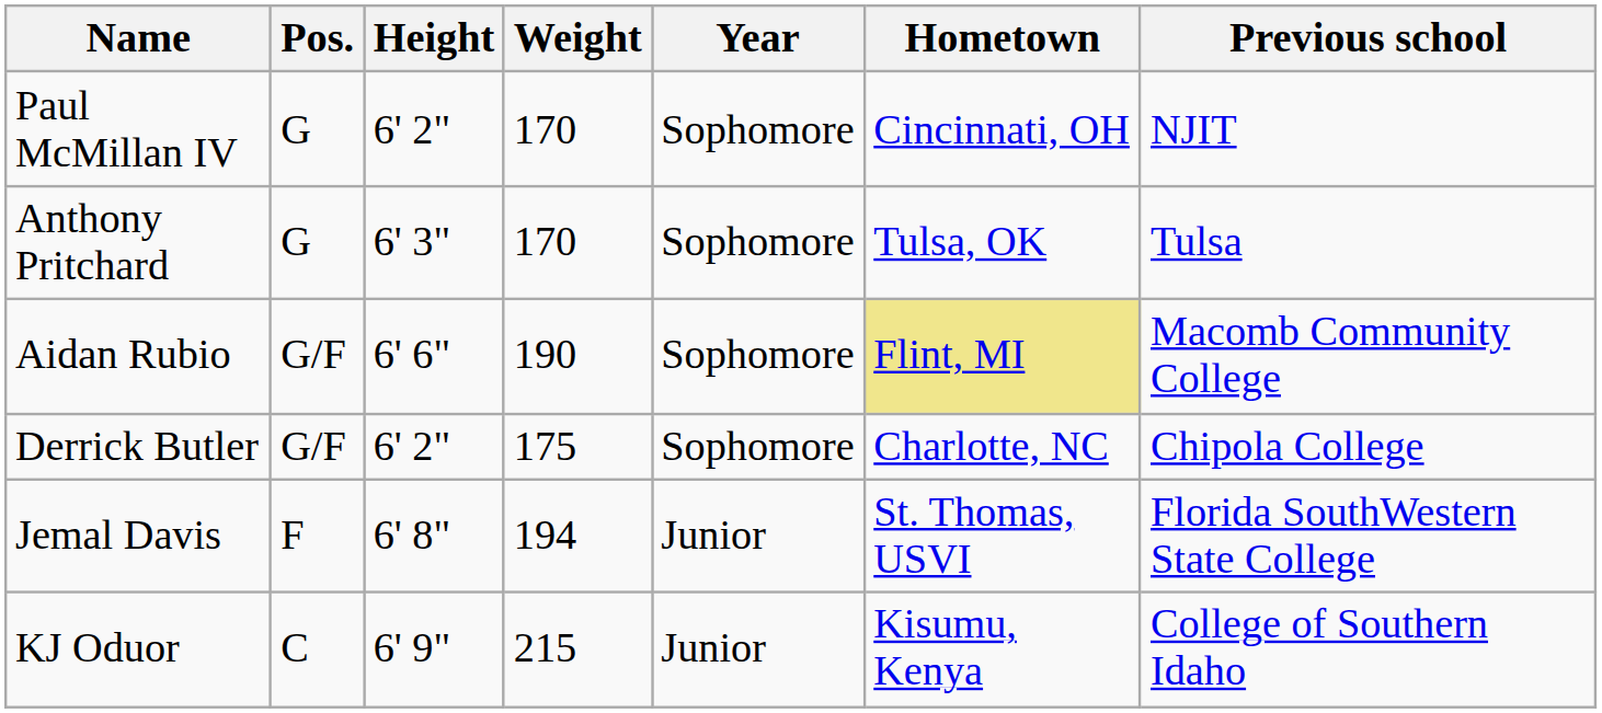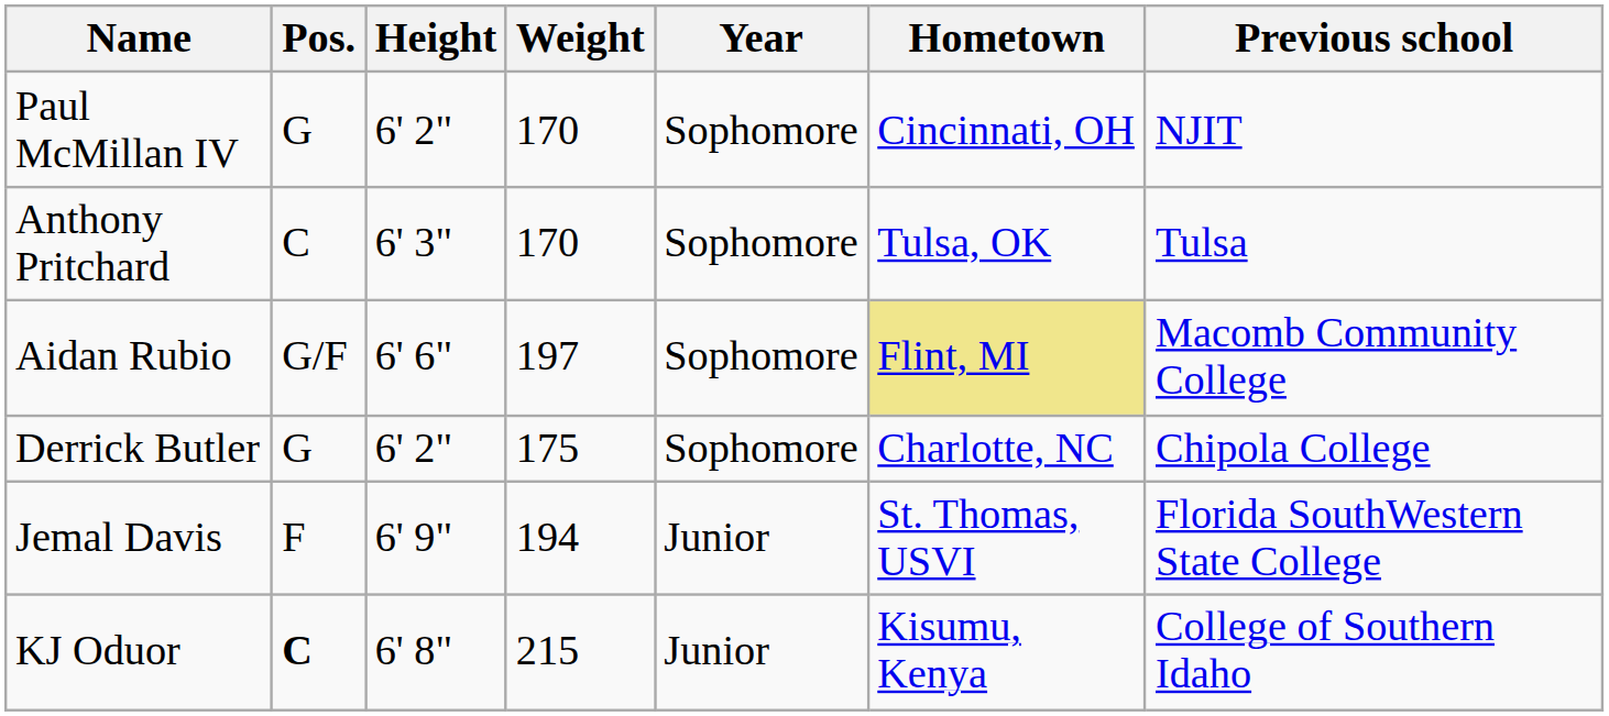 <table class="wikitable sortable" border="1">
 <tr align=center>
 <th>Name</th>
 <th>Pos.</th>
 <th>Height</th>
 <th>Weight</th>
 <th>Year</th>
 <th>Hometown</th>
 <th>Previous school</th>
 </tr>
 <tr>
 <td>Paul McMillan IV</td>
 <td>G</td>
 <td>6' 2"</td>
 <td>170</td>
 <td>Sophomore</td>
 <td><a href='#'>Cincinnati, OH</a></td>
 <td><a href='#'>NJIT</a></td>
 </tr>
 <tr>
 <td>Anthony Pritchard</td>
-<td>G</td>
+<td>C</td>
 <td>6' 3"</td>
 <td>170</td>
 <td>Sophomore</td>
 <td><a href='#'>Tulsa, OK</a></td>
 <td><a href='#'>Tulsa</a></td>
 </tr>
 <tr>
 <td>Aidan Rubio</td>
 <td>G/F</td>
 <td>6' 6"</td>
-<td>190</td>
+<td>197</td>
 <td>Sophomore</td>
 <td style="background: khaki;"><a href='#'>Flint, MI</a></td>
 <td><a href='#'>Macomb Community College</a></td>
 </tr>
 <tr>
 <td>Derrick Butler</td>
-<td>G/F</td>
+<td>G</td>
 <td>6' 2"</td>
 <td>175</td>
 <td>Sophomore</td>
 <td><a href='#'>Charlotte, NC</a></td>
 <td><a href='#'>Chipola College</a></td>
 </tr>
 <tr>
 <td>Jemal Davis</td>
 <td>F</td>
-<td>6' 8"</td>
+<td>6' 9"</td>
 <td>194</td>
 <td>Junior</td>
 <td><a href='#'>St. Thomas, USVI</a></td>
 <td><a href='#'>Florida SouthWestern State College</a></td>
 </tr>
 <tr>
 <td>KJ Oduor</td>
-<td>C</td>
-<td>6' 9"</td>
+<td><strong>C</strong></td>
+<td>6' 8"</td>
 <td>215</td>
 <td>Junior</td>
 <td><a href='#'>Kisumu, Kenya</a></td>
 <td><a href='#'>College of Southern Idaho</a></td>
 </tr>
 </table>
